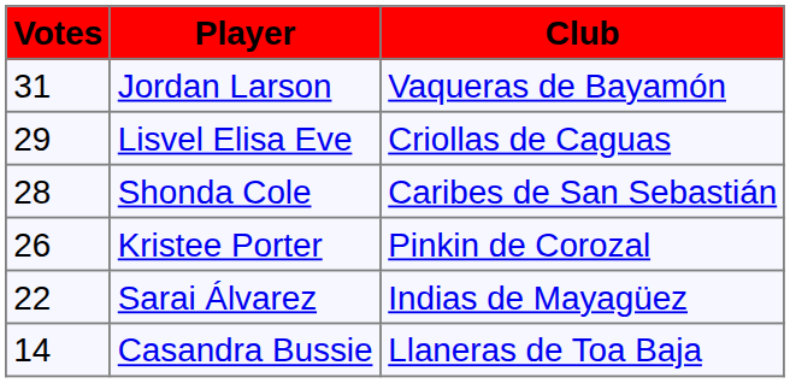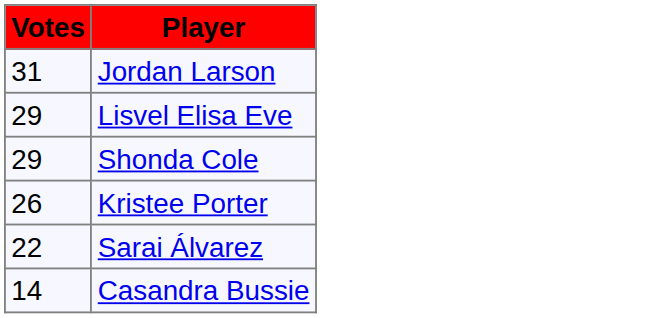 <table bgcolor="#f7f8ff" cellpadding="3" cellspacing="0" border="1" style="font-size: 95%; border: gray solid 1px; border-collapse: collapse;">
 <tr bgcolor="#ff0000">
 <td align=center><strong>Votes</strong></td>
 <td align=center><strong>Player</strong></td>
-<td align=center><strong>Club</strong></td>
 </tr>
 <tr align="left">
 <td>31</td>
 <td> <a href='#'>Jordan Larson</a></td>
-<td><a href='#'>Vaqueras de Bayamón</a></td>
 </tr>
 <tr align="left">
 <td>29</td>
 <td> <a href='#'>Lisvel Elisa Eve</a></td>
-<td><a href='#'>Criollas de Caguas</a></td>
 </tr>
 <tr align="left">
-<td>28</td>
+<td>29</td>
 <td> <a href='#'>Shonda Cole</a></td>
-<td><a href='#'>Caribes de San Sebastián</a></td>
 </tr>
 <tr align="left">
 <td>26</td>
 <td> <a href='#'>Kristee Porter</a></td>
-<td><a href='#'>Pinkin de Corozal</a></td>
 </tr>
 <tr align="left">
 <td>22</td>
 <td> <a href='#'>Sarai Álvarez</a></td>
-<td><a href='#'>Indias de Mayagüez</a></td>
 </tr>
 <tr align="left">
 <td>14</td>
 <td> <a href='#'>Casandra Bussie</a></td>
-<td><a href='#'>Llaneras de Toa Baja</a></td>
 </tr>
 </table>
